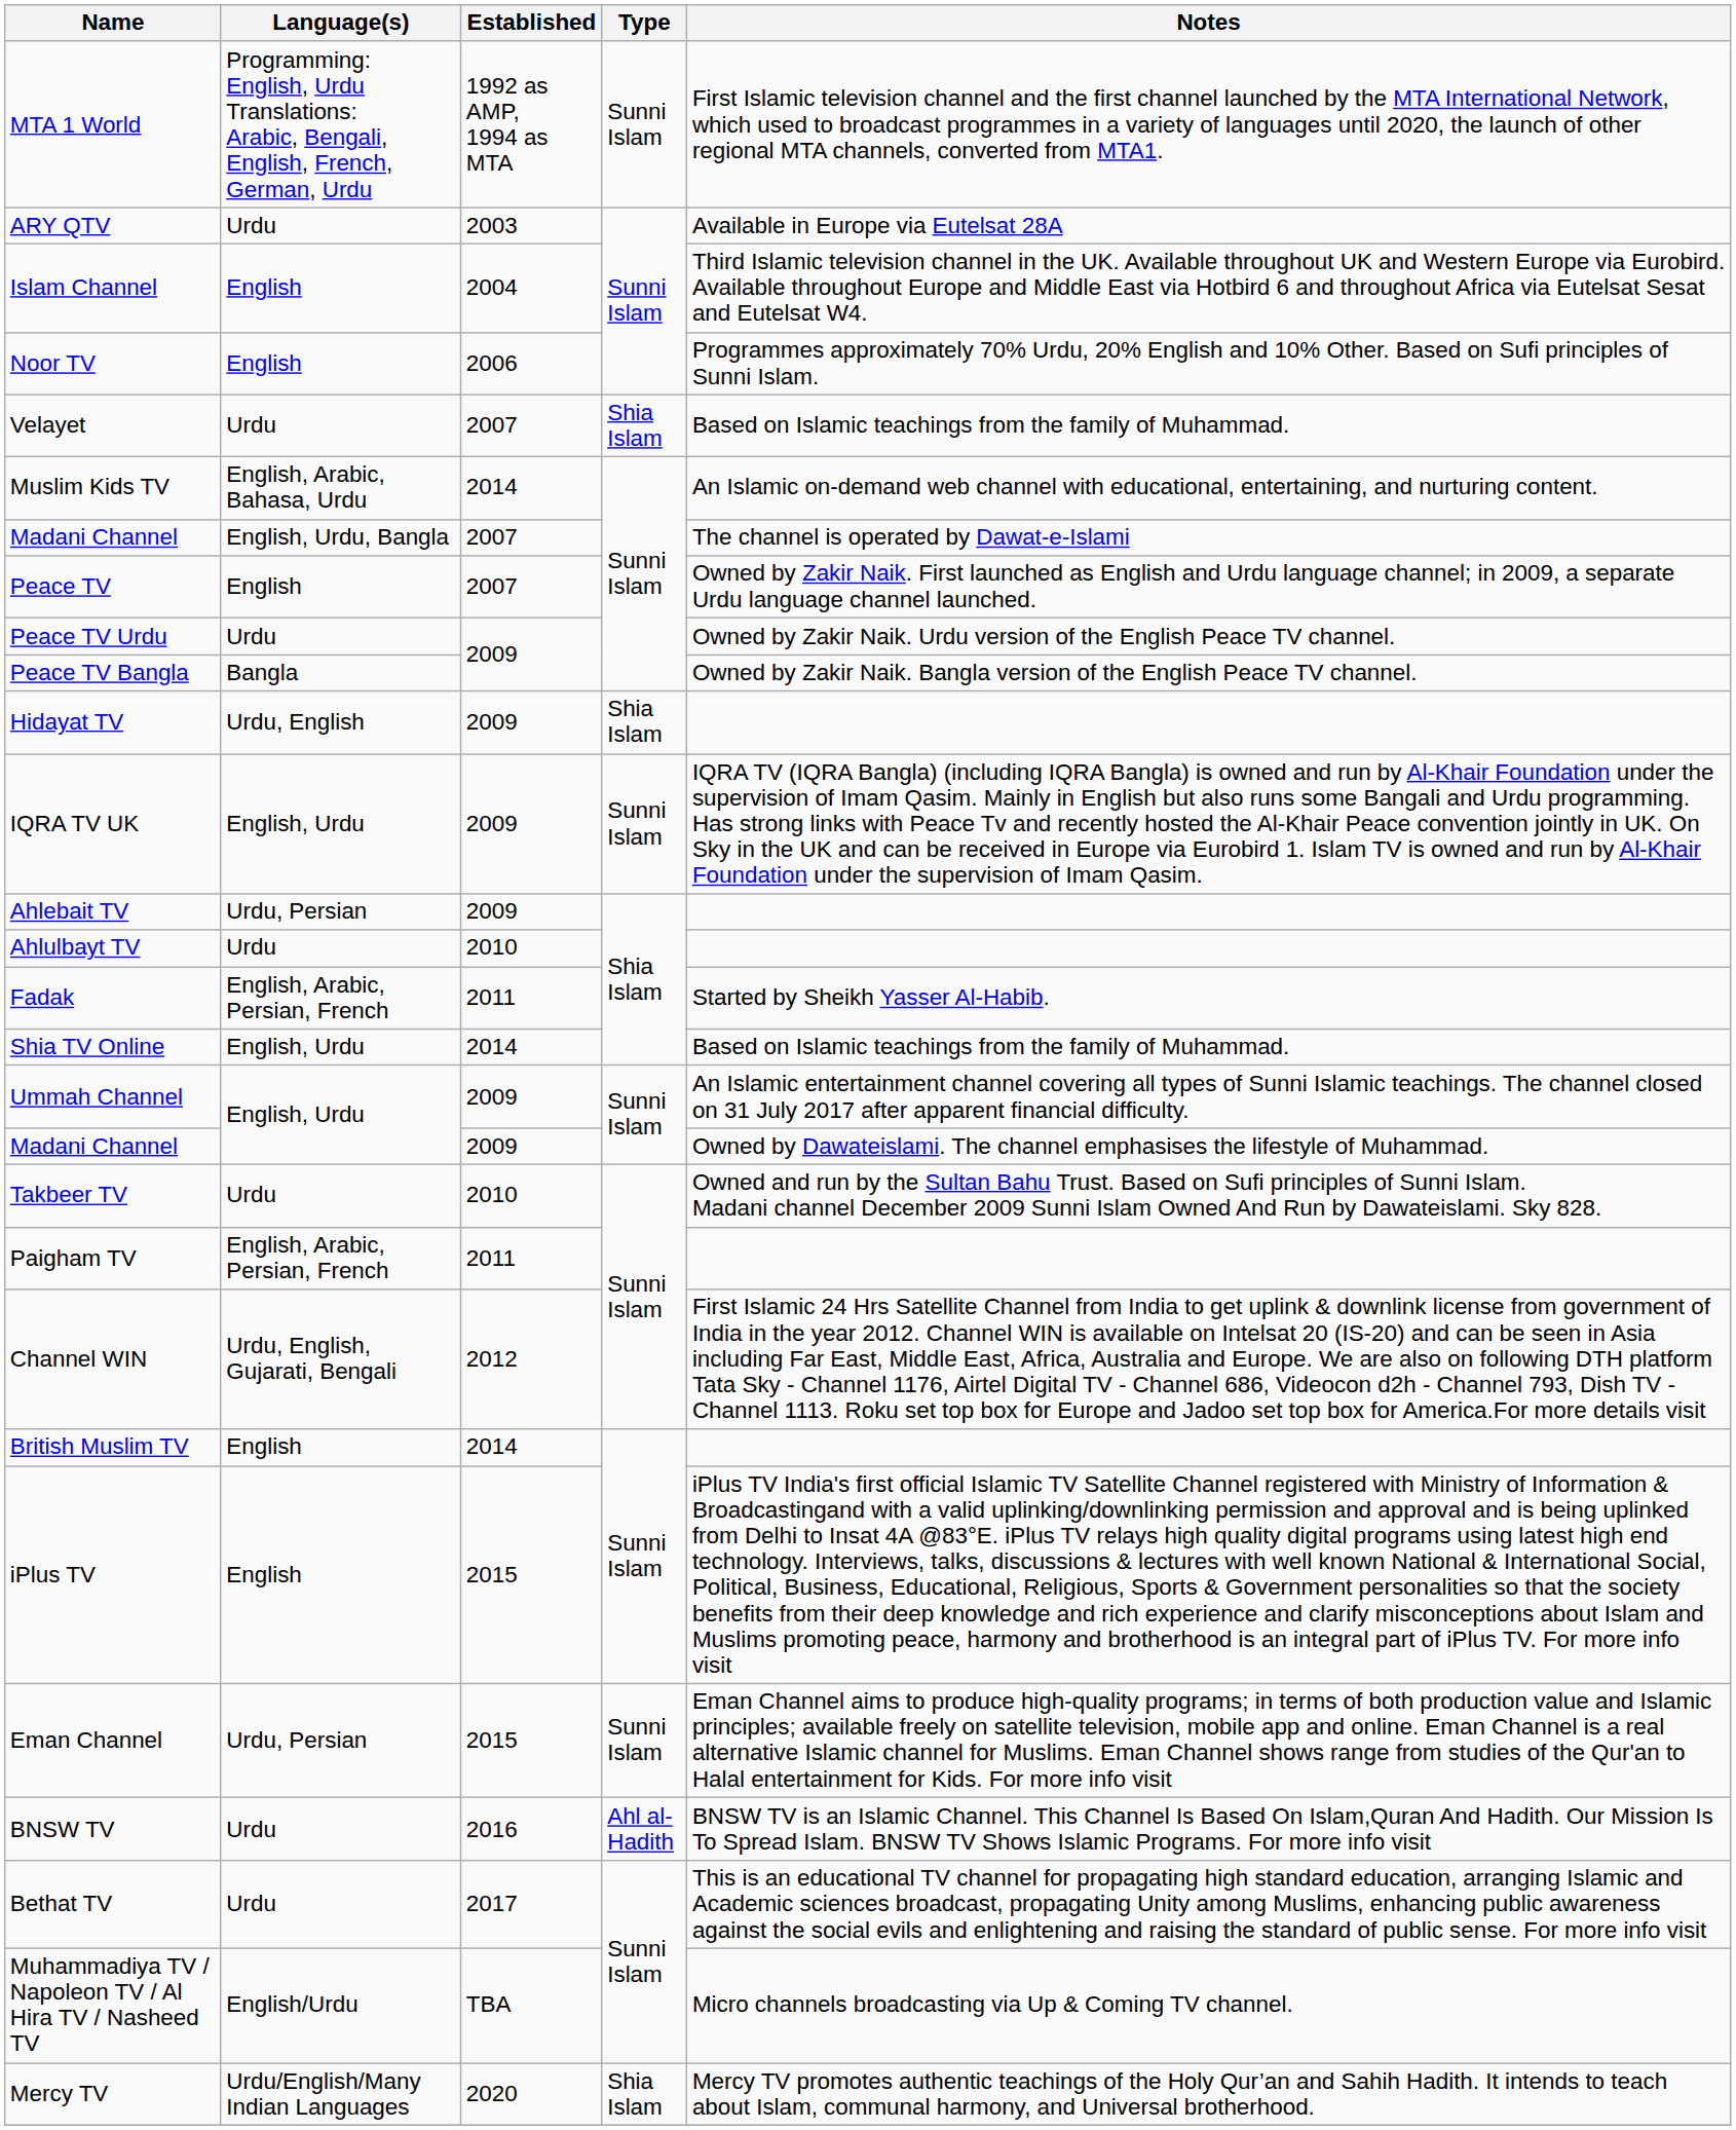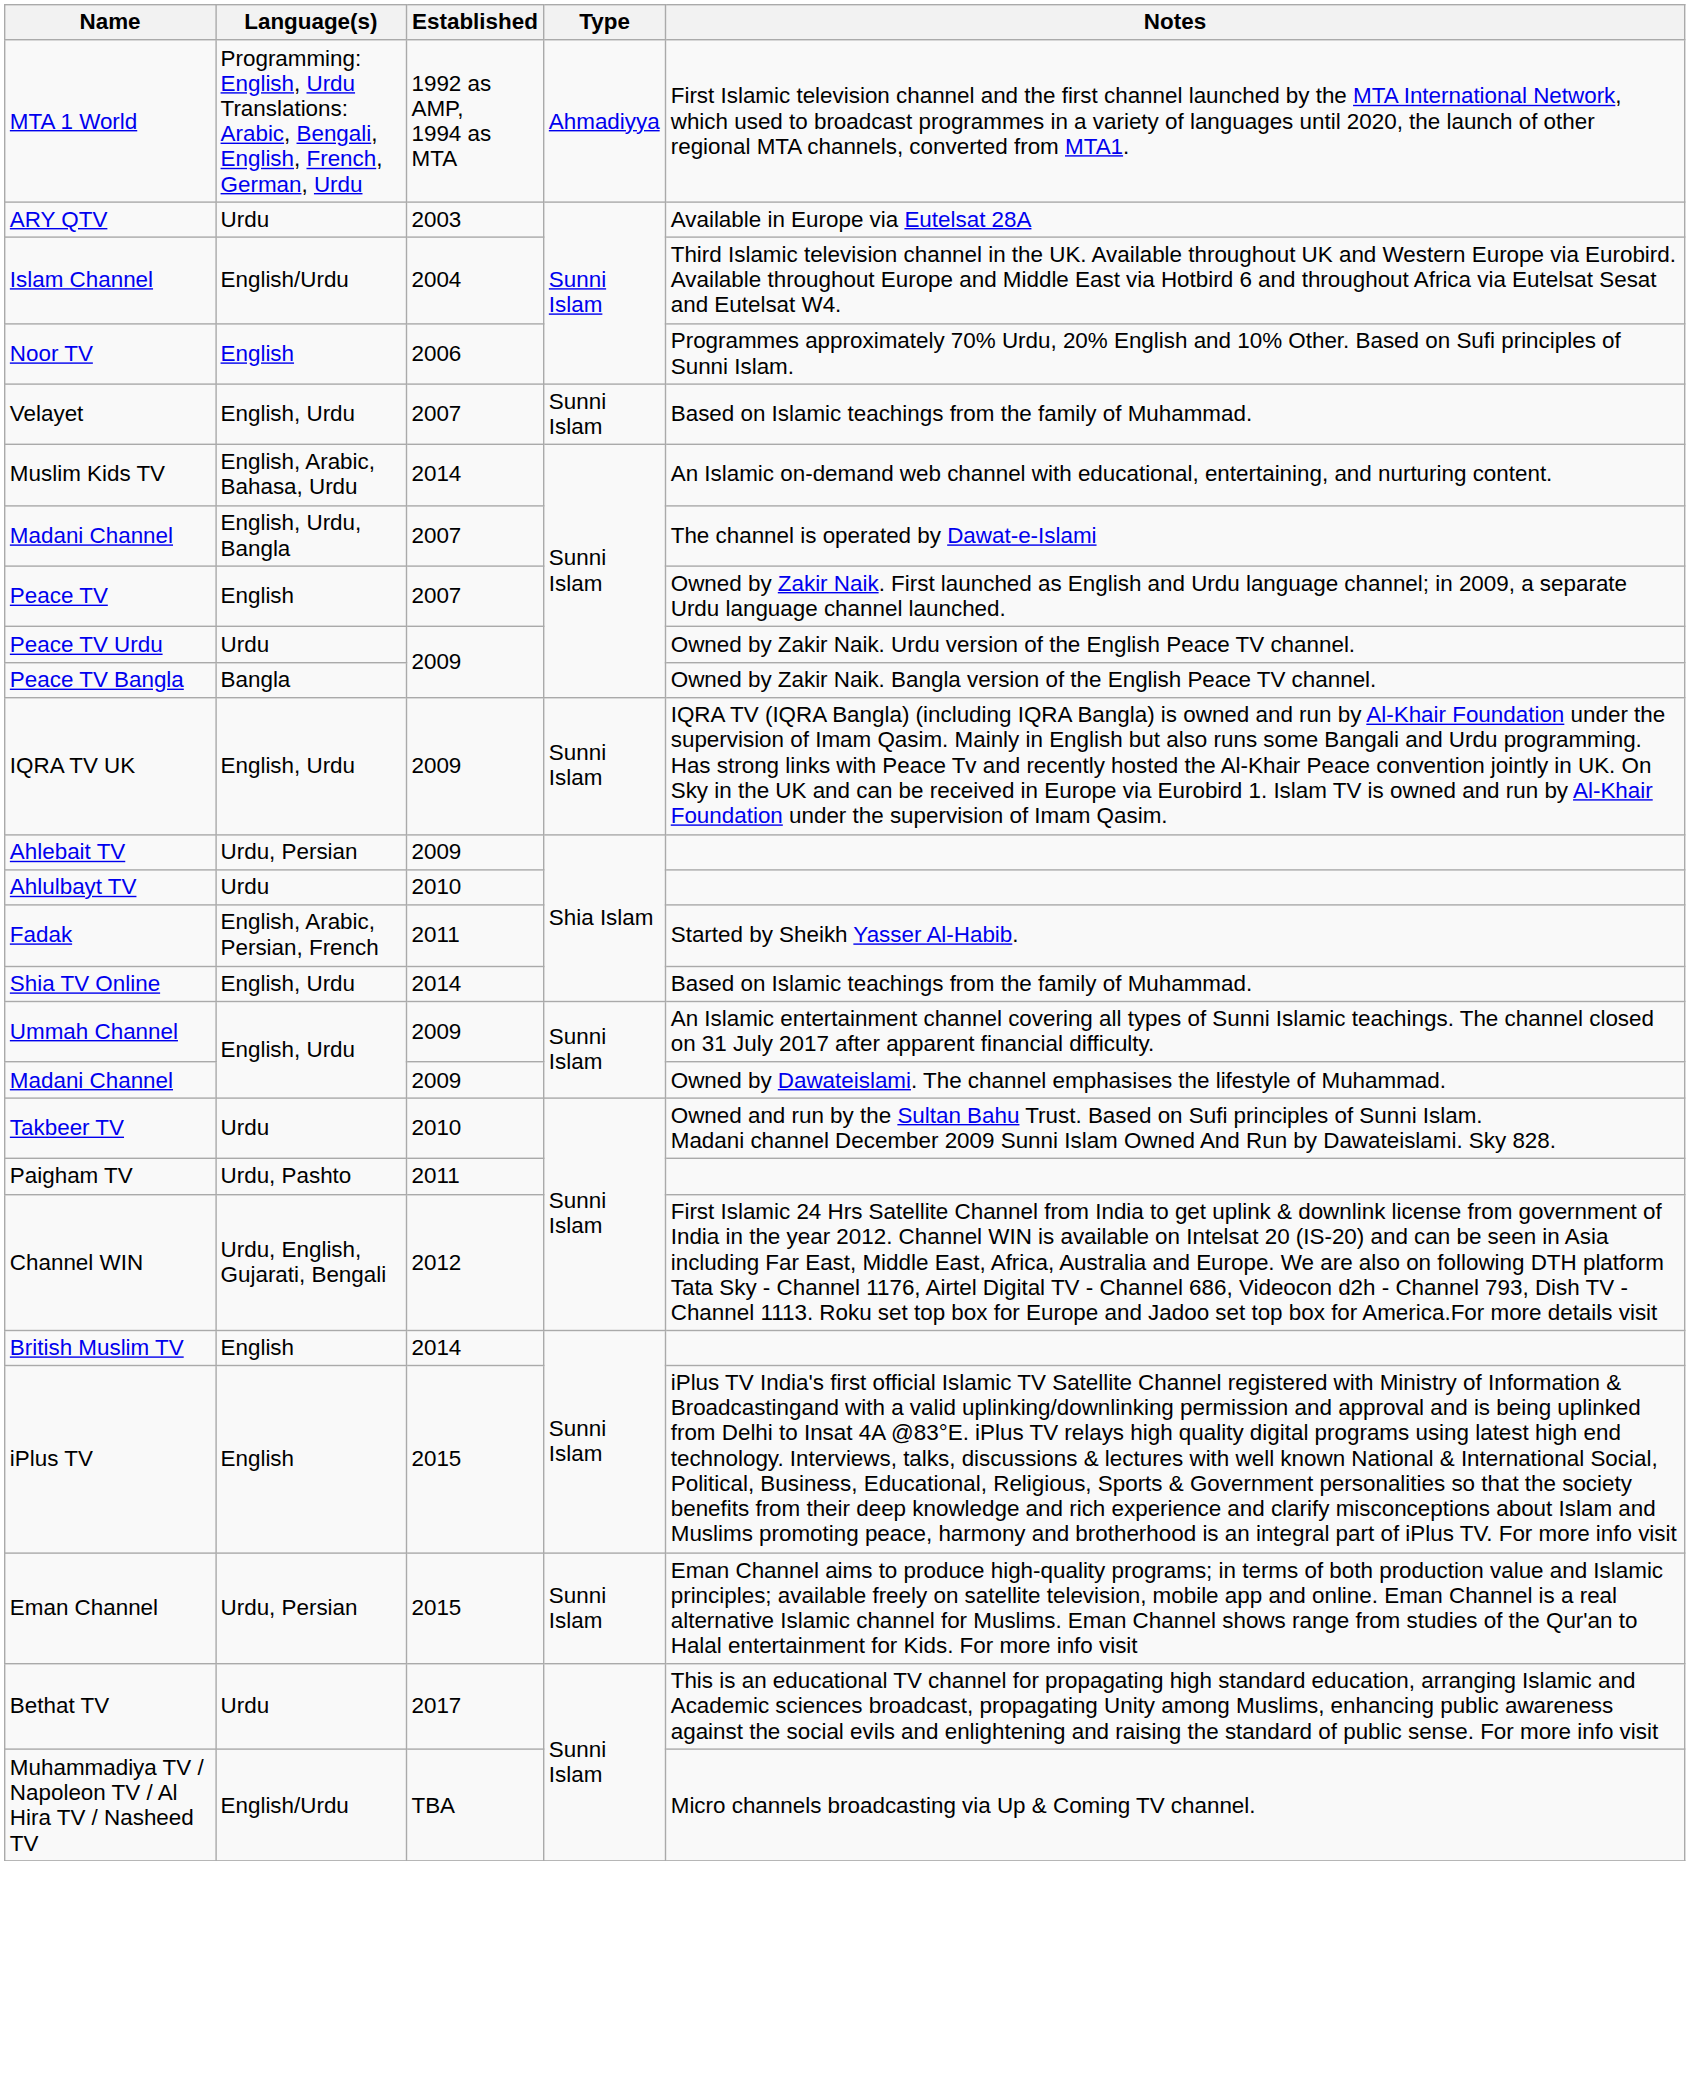 <table class="wikitable sortable"  style="width:95%;">
 <tr>
 <th>Name</th>
 <th>Language(s)</th>
 <th>Established</th>
 <th>Type</th>
 <th>Notes</th>
 </tr>
 <tr>
 <td><a href='#'>MTA 1 World</a></td>
 <td>Programming:<br><a href='#'>English</a>, <a href='#'>Urdu</a><br>Translations:<br><a href='#'>Arabic</a>, <a href='#'>Bengali</a>, <a href='#'>English</a>, <a href='#'>French</a>, <a href='#'>German</a>, <a href='#'>Urdu</a></td>
 <td>1992 as AMP,<br>1994 as MTA</td>
-<td>Sunni Islam</td>
+<td><a href='#'>Ahmadiyya</a></td>
 <td>First Islamic television channel and the first channel launched by the <a href='#'>MTA International Network</a>, which used to broadcast programmes in a variety of languages until 2020, the launch of other regional MTA channels, converted from <a href='#'>MTA1</a>.</td>
 </tr>
 <tr>
 <td><a href='#'>ARY QTV</a></td>
 <td>Urdu</td>
 <td>2003</td>
 <td rowspan="3"><a href='#'>Sunni Islam</a></td>
 <td>Available in Europe via <a href='#'>Eutelsat 28A</a></td>
 </tr>
 <tr>
 <td><a href='#'>Islam Channel</a></td>
-<td><a href='#'>English</a></td>
+<td>English/Urdu</td>
 <td>2004</td>
 <td>Third Islamic television channel in the UK. Available throughout UK and Western Europe via Eurobird. Available throughout Europe and Middle East via Hotbird 6 and throughout Africa via Eutelsat Sesat and Eutelsat W4.</td>
 </tr>
 <tr>
 <td><a href='#'>Noor TV</a></td>
 <td><a href='#'>English</a></td>
 <td>2006</td>
 <td>Programmes approximately 70% Urdu, 20% English and 10% Other. Based on Sufi principles of Sunni Islam.</td>
 </tr>
 <tr>
 <td>Velayet</td>
-<td>Urdu</td>
+<td>English, Urdu</td>
 <td>2007</td>
-<td><a href='#'>Shia Islam</a></td>
+<td>Sunni Islam</td>
 <td>Based on Islamic teachings from the family of Muhammad.</td>
 </tr>
 <tr>
 <td>Muslim Kids TV</td>
 <td>English, Arabic, Bahasa, Urdu</td>
 <td>2014</td>
 <td rowspan="5">Sunni Islam</td>
 <td>An Islamic on-demand web channel with educational, entertaining, and nurturing content.</td>
 </tr>
 <tr>
 <td><a href='#'>Madani Channel</a></td>
 <td>English, Urdu, Bangla</td>
 <td>2007</td>
 <td>The channel is operated by <a href='#'>Dawat-e-Islami</a></td>
 </tr>
 <tr>
 <td><a href='#'>Peace TV</a></td>
 <td>English</td>
 <td>2007</td>
 <td>Owned by <a href='#'>Zakir Naik</a>. First launched as English and Urdu language channel; in 2009, a separate Urdu language channel launched.</td>
 </tr>
 <tr>
 <td><a href='#'>Peace TV Urdu</a></td>
 <td>Urdu</td>
 <td rowspan="2">2009</td>
 <td>Owned by Zakir Naik. Urdu version of the English Peace TV channel.</td>
 </tr>
 <tr>
 <td><a href='#'>Peace TV Bangla</a></td>
 <td>Bangla</td>
 <td>Owned by Zakir Naik. Bangla version of the English Peace TV channel.</td>
-</tr>
-<tr>
-<td><a href='#'>Hidayat TV</a></td>
-<td>Urdu, English</td>
-<td>2009</td>
-<td>Shia Islam</td>
-<td></td>
 </tr>
 <tr>
 <td>IQRA TV UK</td>
 <td>English, Urdu</td>
 <td>2009</td>
 <td>Sunni Islam</td>
 <td>IQRA TV (IQRA Bangla) (including IQRA Bangla) is owned and run by <a href='#'>Al-Khair Foundation</a> under the supervision of Imam Qasim. Mainly in English but also runs some Bangali and Urdu programming. Has strong links with Peace Tv and recently hosted the Al-Khair Peace convention jointly in UK. On Sky in the UK and can be received in Europe via Eurobird 1. Islam TV is owned and run by <a href='#'>Al-Khair Foundation</a> under the supervision of Imam Qasim.</td>
 </tr>
 <tr>
 <td><a href='#'>Ahlebait TV</a></td>
 <td>Urdu, Persian</td>
 <td>2009</td>
 <td rowspan="4">Shia Islam</td>
 <td></td>
 </tr>
 <tr>
 <td><a href='#'>Ahlulbayt TV</a></td>
 <td>Urdu</td>
 <td>2010</td>
 <td></td>
 </tr>
 <tr>
 <td><a href='#'>Fadak</a></td>
 <td>English, Arabic, Persian, French</td>
 <td>2011</td>
 <td>Started by Sheikh <a href='#'>Yasser Al-Habib</a>.</td>
 </tr>
 <tr>
 <td><a href='#'>Shia TV Online</a></td>
 <td>English, Urdu</td>
 <td>2014</td>
 <td>Based on Islamic teachings from the family of Muhammad.</td>
 </tr>
 <tr>
 <td><a href='#'>Ummah Channel</a></td>
 <td rowspan="2">English, Urdu</td>
 <td>2009</td>
 <td rowspan="2">Sunni Islam</td>
 <td>An Islamic entertainment channel covering all types of Sunni Islamic teachings. The channel closed on 31 July 2017 after apparent financial difficulty.</td>
 </tr>
 <tr>
 <td><a href='#'>Madani Channel</a></td>
 <td>2009</td>
 <td>Owned by <a href='#'>Dawateislami</a>. The channel emphasises the lifestyle of Muhammad.</td>
 </tr>
 <tr>
 <td><a href='#'>Takbeer TV</a></td>
 <td>Urdu</td>
 <td>2010</td>
 <td rowspan="3">Sunni Islam</td>
 <td>Owned and run by the <a href='#'>Sultan Bahu</a> Trust. Based on Sufi principles of Sunni Islam.<br>Madani channel December 2009  Sunni Islam Owned And Run by Dawateislami. Sky 828.</td>
 </tr>
 <tr>
 <td>Paigham TV</td>
-<td>English, Arabic, Persian, French</td>
+<td>Urdu, Pashto</td>
 <td>2011</td>
 <td></td>
 </tr>
 <tr>
 <td>Channel WIN</td>
 <td>Urdu, English, Gujarati, Bengali</td>
 <td>2012</td>
 <td>First Islamic 24 Hrs Satellite Channel from India to get uplink & downlink license from government of India in the year 2012. Channel WIN is available on Intelsat 20 (IS-20) and can be seen in Asia including Far East, Middle East, Africa, Australia and Europe. We are also on following DTH platform Tata Sky - Channel 1176, Airtel Digital TV - Channel 686, Videocon d2h - Channel 793, Dish TV - Channel 1113. Roku set top box for Europe and Jadoo set top box for America.For more details visit </td>
 </tr>
 <tr>
 <td><a href='#'>British Muslim TV</a></td>
 <td>English</td>
 <td>2014</td>
 <td rowspan="2">Sunni Islam</td>
 <td></td>
 </tr>
 <tr>
 <td>iPlus TV</td>
 <td>English</td>
 <td>2015</td>
 <td>iPlus TV  India's first official Islamic TV Satellite Channel registered with Ministry of Information & Broadcastingand with a valid uplinking/downlinking permission and approval and is being uplinked from Delhi to Insat 4A @83°E. iPlus TV relays high quality digital programs using latest high end technology. Interviews, talks, discussions & lectures  with well known National & International Social, Political, Business, Educational, Religious,  Sports & Government personalities so that the society benefits from their deep knowledge and rich experience and clarify misconceptions about Islam and Muslims promoting peace, harmony and brotherhood is an integral part of iPlus TV. For more info visit </td>
 </tr>
 <tr>
 <td>Eman Channel</td>
 <td>Urdu, Persian</td>
 <td>2015</td>
 <td>Sunni Islam</td>
 <td>Eman Channel aims to produce high-quality programs; in terms of both production value and Islamic principles; available freely on satellite television, mobile app and online. Eman Channel is a real alternative Islamic channel for Muslims. Eman Channel shows range from studies of the Qur'an to Halal entertainment for Kids. For more info visit </td>
 </tr>
 <tr>
-<td>BNSW TV</td>
-<td>Urdu</td>
-<td>2016</td>
-<td><a href='#'>Ahl al-Hadith</a></td>
-<td>BNSW TV is an Islamic Channel. This Channel Is Based On Islam,Quran And Hadith. Our Mission Is To Spread Islam. BNSW TV Shows Islamic Programs. For more info visit </td>
-</tr>
-<tr>
 <td>Bethat TV</td>
 <td>Urdu</td>
 <td>2017</td>
 <td rowspan="2">Sunni Islam</td>
 <td>This is an educational TV channel for propagating high standard education, arranging Islamic and Academic sciences broadcast, propagating Unity among Muslims, enhancing public awareness against the social evils and enlightening and raising the standard of public sense. For more info visit </td>
 </tr>
 <tr>
 <td>Muhammadiya TV / Napoleon TV / Al Hira TV / Nasheed TV</td>
 <td>English/Urdu</td>
 <td>TBA</td>
 <td>Micro channels broadcasting via Up & Coming TV channel.</td>
 </tr>
 <tr>
-<td>Mercy TV</td>
-<td>Urdu/English/Many Indian Languages</td>
-<td>2020</td>
-<td>Shia Islam</td>
-<td>Mercy TV promotes authentic teachings of the Holy Qur’an and Sahih Hadith. It intends to teach about Islam, communal harmony, and Universal brotherhood.</td>
-</tr>
-<tr>
 </tr>
 </table>
